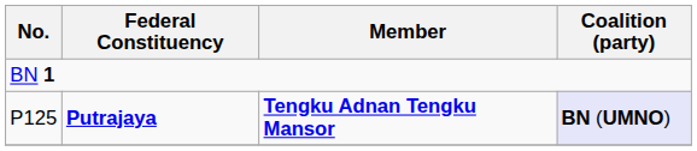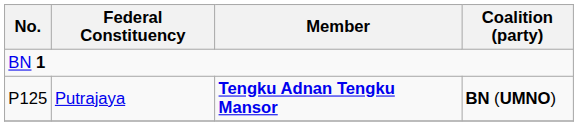 <table class="wikitable sortable">
 <tr>
 <th style="width:30px;">No.</th>
 <th style="width:150px;">Federal Constituency</th>
 <th style="width:230px;">Member</th>
 <th style="width:100px;">Coalition (party)</th>
 </tr>
 <tr>
 <td colspan="4"><a href='#'>BN</a> <strong>1</strong></td>
 </tr>
 <tr>
 <td>P125</td>
-<td><strong><a href='#'>Putrajaya</a></strong></td>
+<td><a href='#'>Putrajaya</a></td>
 <td><strong><a href='#'>Tengku Adnan Tengku Mansor</a></strong></td>
-<td style="background: lavender;"><strong>BN</strong> (<strong>UMNO</strong>)</td>
+<td><strong>BN</strong> (<strong>UMNO</strong>)</td>
 </tr>
 <tr>
 </tr>
 </table>
